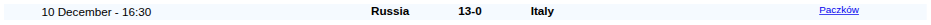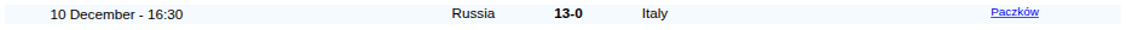 <table style="width: 100%; background:#F5FAFF;" cellspacing="0">
 <tr>
 <td align=center rowspan=3 width=20%>10 December - 16:30</td>
 </tr>
 <tr>
-<td width=24% align=right><strong>Russia</strong></td>
+<td width=24% align=right>Russia</td>
 <td align=center width=13%><strong>13-0</strong></td>
-<td width=24%><strong>Italy</strong></td>
+<td width=24%>Italy</td>
 <td style=font-size:85% rowspan=3 valign=top align=center><a href='#'>Paczków</a></td>
 </tr>
 <tr style=font-size:85%>
 <td align=right valign=top></td>
 <td></td>
 <td></td>
 </tr>
 </table>
